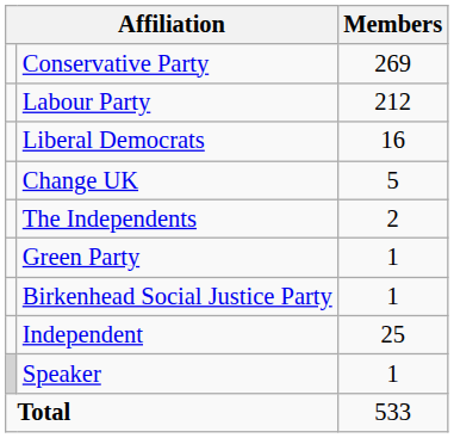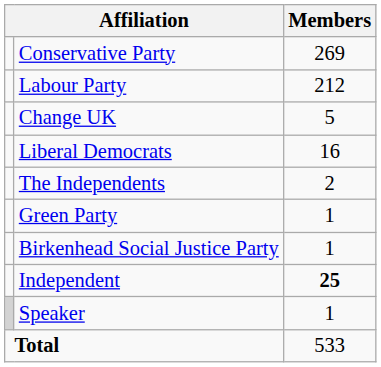 <table class="wikitable">
 <tr>
 <th colspan="2">Affiliation</th>
 <th>Members</th>
 </tr>
 <tr>
 <td></td>
 <td><a href='#'>Conservative Party</a></td>
 <td style="text-align:center;">269</td>
 </tr>
 <tr>
 <td></td>
 <td><a href='#'>Labour Party</a></td>
 <td style="text-align:center;">212</td>
 </tr>
 <tr>
 <td></td>
-<td><a href='#'>Liberal Democrats</a></td>
-<td style="text-align:center;">16</td>
+<td><a href='#'>Change UK</a></td>
+<td style="text-align:center;">5</td>
 </tr>
 <tr>
 <td></td>
-<td><a href='#'>Change UK</a></td>
-<td style="text-align:center;">5</td>
+<td><a href='#'>Liberal Democrats</a></td>
+<td style="text-align:center;">16</td>
 </tr>
 <tr>
 <td></td>
 <td><a href='#'>The Independents</a></td>
 <td style="text-align:center;">2</td>
 </tr>
 <tr>
 <td></td>
 <td><a href='#'>Green Party</a></td>
 <td style="text-align:center;">1</td>
 </tr>
 <tr>
 <td></td>
 <td><a href='#'>Birkenhead Social Justice Party</a></td>
 <td style="text-align:center;">1</td>
 </tr>
 <tr>
 <td></td>
 <td><a href='#'>Independent</a></td>
-<td style="text-align:center;">25</td>
+<td style="text-align:center;"><strong>25</strong></td>
 </tr>
 <tr>
 <td bgcolor=lightgrey></td>
 <td><a href='#'>Speaker</a></td>
 <td style="text-align:center;">1</td>
 </tr>
 <tr>
 <td colspan="2" rowspan="1"> <strong>Total</strong></td>
 <td align="center">533</td>
 </tr>
 </table>
